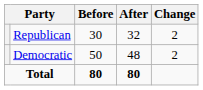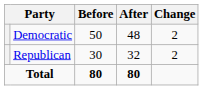 <table class="wikitable" style="text-align:center;">
 <tr>
 <th colspan="2">Party</th>
 <th>Before</th>
 <th>After</th>
 <th>Change</th>
 </tr>
 <tr>
 <th style="background-color:"></th>
-<td style="text-align:left;"><a href='#'>Republican</a></td>
-<td>30</td>
-<td>32</td>
+<td style="text-align:left;"><a href='#'>Democratic</a></td>
+<td>50</td>
+<td>48</td>
 <td> 2</td>
 </tr>
 <tr>
 <th style="background-color:"></th>
-<td style="text-align:left;"><a href='#'>Democratic</a></td>
-<td>50</td>
-<td>48</td>
+<td style="text-align:left;"><a href='#'>Republican</a></td>
+<td>30</td>
+<td>32</td>
 <td> 2</td>
 </tr>
 <tr>
 <td colspan="2"><strong>Total</strong></td>
 <td><strong>80</strong></td>
 <td><strong>80</strong></td>
 </tr>
 </table>
